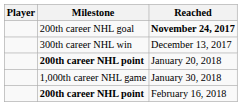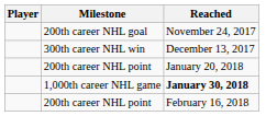 <table class="wikitable sortable" style="width:auto;">
 <tr align=center>
 <th>Player</th>
 <th>Milestone</th>
 <th data-sort-type="date">Reached</th>
 </tr>
 <tr>
 <td></td>
 <td>200th career NHL goal</td>
-<td><strong>November 24, 2017</strong></td>
+<td>November 24, 2017</td>
 </tr>
 <tr>
 <td></td>
 <td>300th career NHL win</td>
 <td>December 13, 2017</td>
 </tr>
 <tr>
 <td></td>
-<td><strong>200th career NHL point</strong></td>
+<td>200th career NHL point</td>
 <td>January 20, 2018</td>
 </tr>
 <tr>
 <td></td>
 <td>1,000th career NHL game</td>
-<td>January 30, 2018</td>
+<td><strong>January 30, 2018</strong></td>
 </tr>
 <tr>
 <td></td>
-<td><strong>200th career NHL point</strong></td>
+<td>200th career NHL point</td>
 <td>February 16, 2018</td>
 </tr>
 </table>
